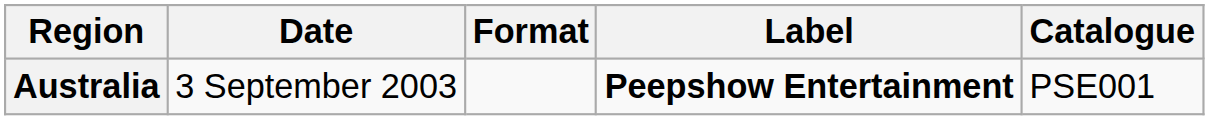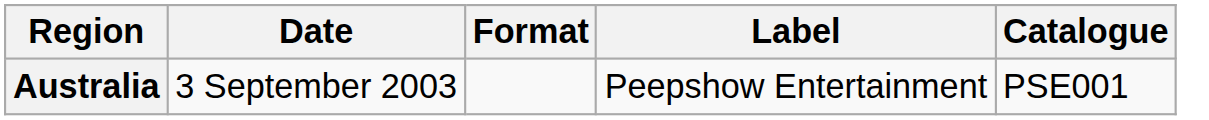 <table class="wikitable plainrowheaders">
 <tr>
 <th scope="col">Region</th>
 <th scope="col">Date</th>
 <th scope="col">Format</th>
 <th scope="col">Label</th>
 <th scope="col">Catalogue</th>
 </tr>
 <tr>
 <th scope="row" rowspan="2">Australia</th>
 <td>3 September 2003</td>
 <td></td>
-<td><strong>Peepshow Entertainment</strong></td>
+<td>Peepshow Entertainment</td>
 <td>PSE001</td>
 </tr>
 </table>
